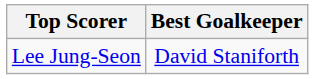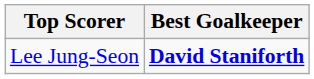 <table class=wikitable style="margin:auto; text-align:center">
 <tr>
 <th>Top Scorer</th>
 <th>Best Goalkeeper</th>
 </tr>
 <tr>
 <td> <a href='#'>Lee Jung-Seon</a></td>
-<td> <a href='#'>David Staniforth</a></td>
+<td><strong> <a href='#'>David Staniforth</a></strong></td>
 </tr>
 </table>
